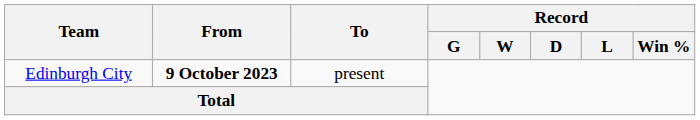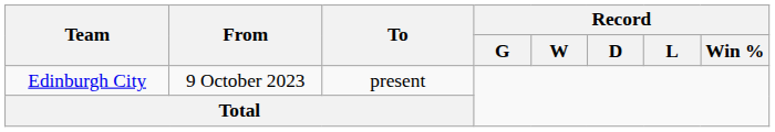 <table class="wikitable" style="text-align: center">
 <tr>
 <th rowspan="2!" style="width:130px;">Team</th>
 <th rowspan="2!" style="width:120px;">From</th>
 <th rowspan="2!" style="width:120px;">To</th>
 <th colspan=5>Record</th>
 </tr>
 <tr>
 <th width=40>G</th>
 <th width=40>W</th>
 <th width=40>D</th>
 <th width=40>L</th>
 <th width=50>Win %</th>
 </tr>
 <tr>
 <td align=center><a href='#'>Edinburgh City</a></td>
-<td align=center><strong>9 October 2023</strong></td>
+<td align=center>9 October 2023</td>
 <td align=center>present<br></td>
 </tr>
 <tr>
 <th colspan=3>Total<br></th>
 </tr>
 </table>
